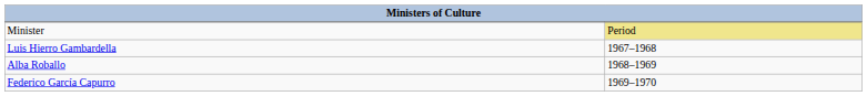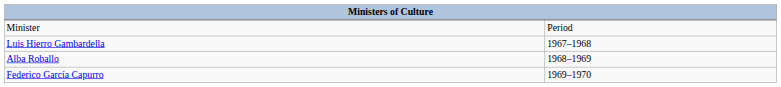 <table class="wikitable" width=80%>
 <tr>
 <td style="text-align:center; border-bottom:2px solid gray;" bgcolor="lightsteelblue" colspan="2"><strong>Ministers of Culture</strong></td>
 </tr>
 <tr>
 <td width=70%>Minister</td>
-<td style="background: khaki;">Period</td>
+<td>Period</td>
 </tr>
 <tr>
 <td><a href='#'>Luis Hierro Gambardella</a></td>
 <td>1967–1968</td>
 </tr>
 <tr>
 <td><a href='#'>Alba Roballo</a></td>
 <td>1968–1969</td>
 </tr>
 <tr>
 <td><a href='#'>Federico García Capurro</a></td>
 <td>1969–1970</td>
 </tr>
 </table>
